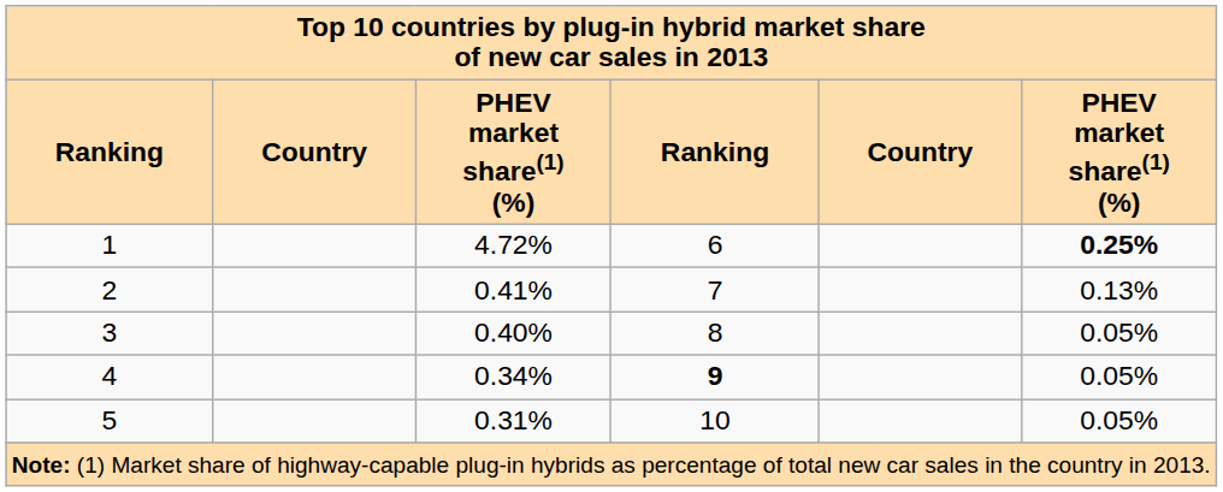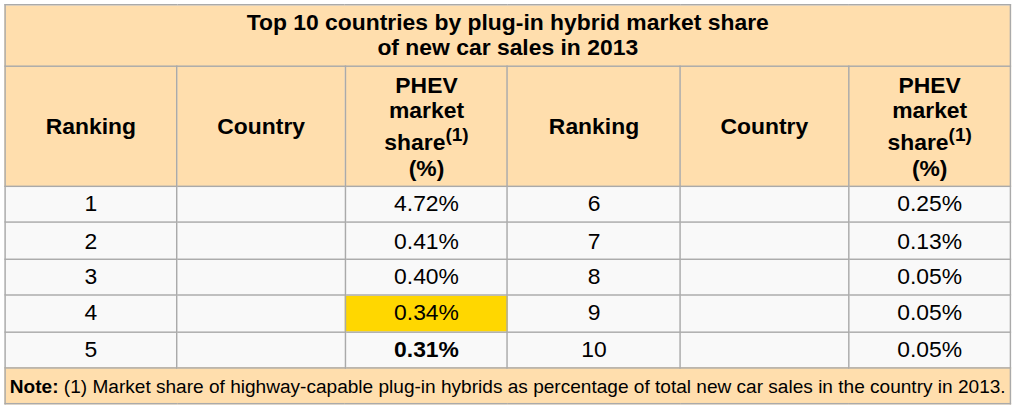 <table class="wikitable" style="margin: 1em auto 1em auto">
 <tr>
 <th colspan="6" align=center style="background-color: #ffdead;">Top 10 countries by plug-in hybrid market share<br>of new car sales in 2013</th>
 </tr>
 <tr>
 <th style="background:#ffdead;">Ranking</th>
 <th style="background:#ffdead;">Country</th>
 <th style="background:#ffdead;">PHEV<br>market<br> share<sup>(1)</sup><br>(%)</th>
 <th style="background:#ffdead;">Ranking</th>
 <th style="background:#ffdead;">Country</th>
 <th style="background:#ffdead;">PHEV<br>market<br> share<sup>(1)</sup><br>(%)</th>
 </tr>
 <tr align=center>
 <td>1</td>
 <td align=left></td>
 <td>4.72%</td>
 <td>6</td>
 <td align=left></td>
-<td><strong>0.25%</strong></td>
+<td>0.25%</td>
 </tr>
 <tr align=center>
 <td>2</td>
 <td align=left></td>
 <td>0.41%</td>
 <td>7</td>
 <td align=left></td>
 <td>0.13%</td>
 </tr>
 <tr align=center>
 <td>3</td>
 <td align=left></td>
 <td>0.40%</td>
 <td>8</td>
 <td align=left></td>
 <td>0.05%</td>
 </tr>
 <tr align=center>
 <td>4</td>
 <td align=left></td>
-<td>0.34%</td>
-<td><strong>9</strong></td>
+<td style="background: gold;">0.34%</td>
+<td>9</td>
 <td align=left></td>
 <td>0.05%</td>
 </tr>
 <tr align=center>
 <td>5</td>
 <td align=left></td>
-<td>0.31%</td>
+<td><strong>0.31%</strong></td>
 <td>10</td>
 <td align=left></td>
 <td>0.05%</td>
 </tr>
 <tr>
 <td colspan="6" style="background-color: #ffdead;"><small> <strong>Note:</strong> (1) Market share of highway-capable plug-in hybrids as percentage of total new car sales in the country in 2013.</small></td>
 </tr>
 </table>
